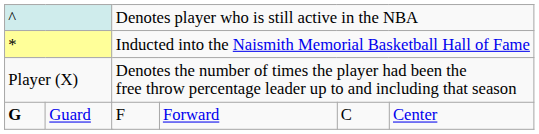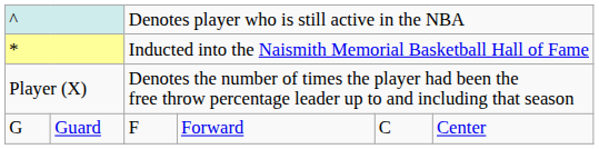 <table class="wikitable">
 <tr>
 <td style="background:#cfecec; width:6em;" colspan="2">^</td>
 <td colspan=5>Denotes player who is still active in the NBA</td>
 </tr>
 <tr>
 <td style="background-color:#FFFF99; width:6em" colspan=2>*</td>
 <td colspan=5>Inducted into the <a href='#'>Naismith Memorial Basketball Hall of Fame</a></td>
 </tr>
 <tr>
 <td colspan=2>Player (X)</td>
 <td colspan=5>Denotes the number of times the player had been the<br>free throw percentage leader up to and including that season</td>
 </tr>
 <tr>
-<td style="width:2em"><strong>G</strong></td>
+<td style="width:2em">G</td>
 <td colspan=2><a href='#'>Guard</a></td>
 <td>F</td>
 <td><a href='#'>Forward</a></td>
 <td>C</td>
 <td><a href='#'>Center</a></td>
 </tr>
 </table>
